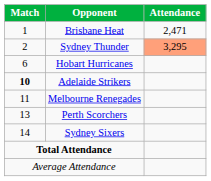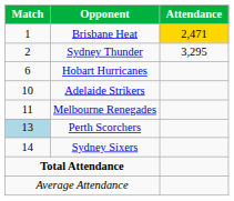 <table class="wikitable" style="text-align:center; font-size:90%">
 <tr>
 <th style="width:50px; background:#00B13F; color:white; text-align:center;">Match</th>
 <th style="width:130px; background:#00B13F; color:white; text-align:center;" class="unsortable">Opponent</th>
 <th style="width:80px; background:#00B13F; color:white; text-align:center;">Attendance</th>
 </tr>
 <tr>
 <td>1</td>
 <td><a href='#'>Brisbane Heat</a></td>
-<td>2,471</td>
+<td style="background: gold;">2,471</td>
 </tr>
 <tr>
 <td>2</td>
 <td><a href='#'>Sydney Thunder</a></td>
-<td style="background: lightsalmon;">3,295</td>
+<td>3,295</td>
 </tr>
 <tr>
 <td>6</td>
 <td><a href='#'>Hobart Hurricanes</a></td>
 <td></td>
 </tr>
 <tr>
-<td><strong>10</strong></td>
+<td>10</td>
 <td><a href='#'>Adelaide Strikers</a></td>
 <td></td>
 </tr>
 <tr>
 <td>11</td>
 <td><a href='#'>Melbourne Renegades</a></td>
 <td></td>
 </tr>
 <tr>
-<td>13</td>
+<td style="background: lightblue;">13</td>
 <td><a href='#'>Perth Scorchers</a></td>
 <td></td>
 </tr>
 <tr>
 <td>14</td>
 <td><a href='#'>Sydney Sixers</a></td>
 <td></td>
 </tr>
 <tr class="sortbottom">
 <td colspan="2"><strong>Total Attendance</strong></td>
 <td></td>
 </tr>
 <tr class="sortbottom">
 <td colspan="2"><em>Average Attendance</em></td>
 <td></td>
 </tr>
 </table>
